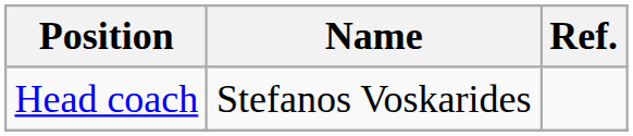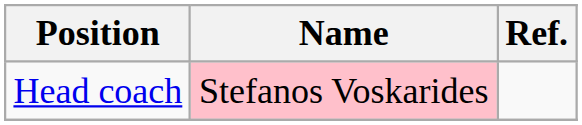 <table class="wikitable">
 <tr>
 <th>Position</th>
 <th>Name</th>
 <th>Ref.</th>
 </tr>
 <tr>
 <td><a href='#'>Head coach</a></td>
-<td>Stefanos Voskarides</td>
+<td style="background: pink;">Stefanos Voskarides</td>
 <td></td>
 </tr>
 <tr>
 </tr>
 </table>
